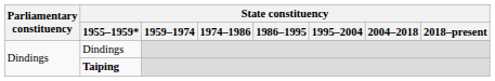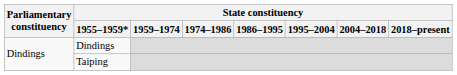 <table class="wikitable">
 <tr>
 <th rowspan="2">Parliamentary<br>constituency</th>
 <th colspan="7">State constituency</th>
 </tr>
 <tr>
 <th>1955–1959*</th>
 <th>1959–1974</th>
 <th>1974–1986</th>
 <th>1986–1995</th>
 <th>1995–2004</th>
 <th>2004–2018</th>
 <th>2018–present</th>
 </tr>
 <tr>
 <td rowspan="2">Dindings</td>
 <td>Dindings</td>
 <td colspan="6" bgcolor="dcdcdc"></td>
 </tr>
 <tr>
-<td><strong>Taiping</strong></td>
+<td>Taiping</td>
 <td colspan="6" bgcolor="dcdcdc"></td>
 </tr>
 </table>
